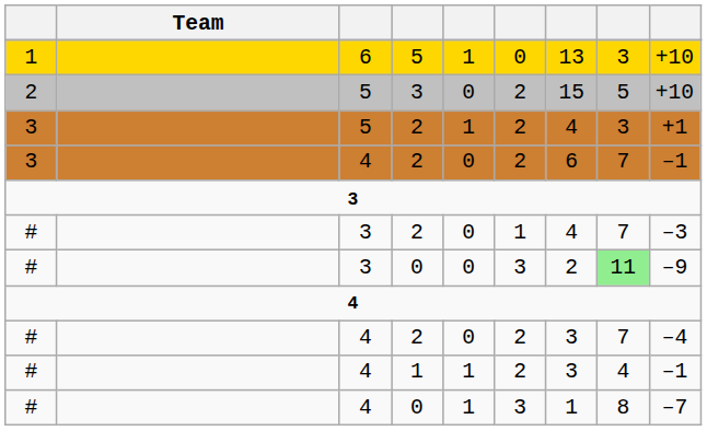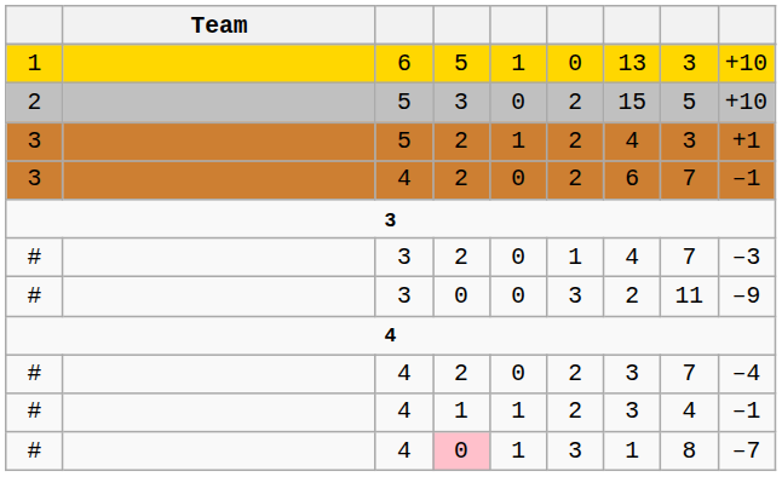 <table class="wikitable" style="text-align:center">
 <tr>
 <th width="25"></th>
 <th width="165">Team</th>
 <th width="25"></th>
 <th width="25"></th>
 <th width="25"></th>
 <th width="25"></th>
 <th width="25"></th>
 <th width="25"></th>
 <th width="25"></th>
 </tr>
 <tr>
 </tr>
 <tr style="background:#FFD700;">
 <td>1</td>
 <td align=left></td>
 <td>6</td>
 <td>5</td>
 <td>1</td>
 <td>0</td>
 <td>13</td>
 <td>3</td>
 <td>+10</td>
 </tr>
 <tr style="background:#C0C0C0;">
 <td>2</td>
 <td align=left></td>
 <td>5</td>
 <td>3</td>
 <td>0</td>
 <td>2</td>
 <td>15</td>
 <td>5</td>
 <td>+10</td>
 </tr>
 <tr style="background:#CD7F32;">
 <td>3</td>
 <td align=left></td>
 <td>5</td>
 <td>2</td>
 <td>1</td>
 <td>2</td>
 <td>4</td>
 <td>3</td>
 <td>+1</td>
 </tr>
 <tr style="background:#CD7F32;">
 <td>3</td>
 <td align=left></td>
 <td>4</td>
 <td>2</td>
 <td>0</td>
 <td>2</td>
 <td>6</td>
 <td>7</td>
 <td>–1</td>
 </tr>
 <tr>
 <td colspan=10><small><strong>3 </strong></small></td>
 </tr>
 <tr>
 <td>#</td>
 <td align=left></td>
 <td>3</td>
 <td>2</td>
 <td>0</td>
 <td>1</td>
 <td>4</td>
 <td>7</td>
 <td>–3</td>
 </tr>
 <tr>
 <td>#</td>
 <td align=left></td>
 <td>3</td>
 <td>0</td>
 <td>0</td>
 <td>3</td>
 <td>2</td>
-<td style="background: lightgreen;">11</td>
+<td>11</td>
 <td>–9</td>
 </tr>
 <tr>
 <td colspan=10><small><strong>4 </strong></small></td>
 </tr>
 <tr>
 <td>#</td>
 <td align=left></td>
 <td>4</td>
 <td>2</td>
 <td>0</td>
 <td>2</td>
 <td>3</td>
 <td>7</td>
 <td>–4</td>
 </tr>
 <tr>
 <td>#</td>
 <td align=left></td>
 <td>4</td>
 <td>1</td>
 <td>1</td>
 <td>2</td>
 <td>3</td>
 <td>4</td>
 <td>–1</td>
 </tr>
 <tr>
 <td>#</td>
 <td align=left></td>
 <td>4</td>
-<td>0</td>
+<td style="background: pink;">0</td>
 <td>1</td>
 <td>3</td>
 <td>1</td>
 <td>8</td>
 <td>–7</td>
 </tr>
 </table>
